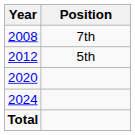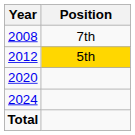 <table class="wikitable" style="text-align: center;">
 <tr>
 <th>Year</th>
 <th width="100">Position</th>
 </tr>
 <tr>
 <td> <a href='#'>2008</a></td>
 <td>7th</td>
 </tr>
 <tr>
 <td> <a href='#'>2012</a></td>
-<td>5th</td>
+<td style="background: gold;">5th</td>
 </tr>
 <tr>
 <td> <a href='#'>2020</a></td>
 <td></td>
 </tr>
 <tr>
 <td> <a href='#'>2024</a></td>
 <td></td>
 </tr>
 <tr>
 <td><strong>Total</strong></td>
 <td></td>
 </tr>
 </table>
